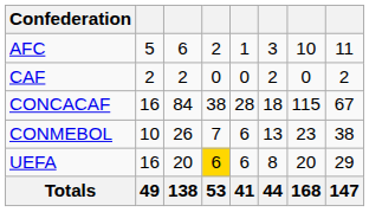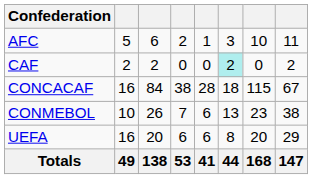 <table class="wikitable sortable" style="text-align:center">
 <tr>
 <th>Confederation</th>
 <th></th>
 <th></th>
 <th></th>
 <th></th>
 <th></th>
 <th></th>
 <th></th>
 </tr>
 <tr>
 <td align="left"><a href='#'>AFC</a></td>
 <td>5</td>
 <td>6</td>
 <td>2</td>
 <td>1</td>
 <td>3</td>
 <td>10</td>
 <td>11</td>
 </tr>
 <tr>
 <td align="left"><a href='#'>CAF</a></td>
 <td>2</td>
 <td>2</td>
 <td>0</td>
 <td>0</td>
-<td>2</td>
+<td style="background: paleturquoise;">2</td>
 <td>0</td>
 <td>2</td>
 </tr>
 <tr>
 <td align="left"><a href='#'>CONCACAF</a></td>
 <td>16</td>
 <td>84</td>
 <td>38</td>
 <td>28</td>
 <td>18</td>
 <td>115</td>
 <td>67</td>
 </tr>
 <tr>
 <td align="left"><a href='#'>CONMEBOL</a></td>
 <td>10</td>
 <td>26</td>
 <td>7</td>
 <td>6</td>
 <td>13</td>
 <td>23</td>
 <td>38</td>
 </tr>
 <tr>
 <td align="left"><a href='#'>UEFA</a></td>
 <td>16</td>
 <td>20</td>
-<td style="background: gold;">6</td>
+<td>6</td>
 <td>6</td>
 <td>8</td>
 <td>20</td>
 <td>29</td>
 </tr>
 <tr style="bold">
 <th>Totals</th>
 <th>49</th>
 <th>138</th>
 <th>53</th>
 <th>41</th>
 <th>44</th>
 <th>168</th>
 <th>147</th>
 </tr>
 </table>
